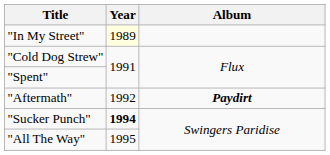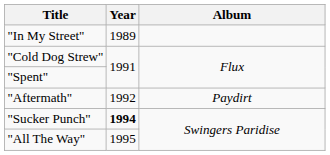 <table class="wikitable" style="text-align:center;">
 <tr>
 <th scope="col">Title</th>
 <th scope="col">Year</th>
 <th scope="col" width="220">Album</th>
 </tr>
 <tr>
 <td align="left">"In My Street"</td>
-<td style="background: lightyellow;">1989</td>
+<td>1989</td>
 <td></td>
 </tr>
 <tr>
 <td align="left">"Cold Dog Strew"</td>
 <td rowspan="2">1991</td>
 <td rowspan="2"><em>Flux</em></td>
 </tr>
 <tr>
 <td align="left">"Spent"</td>
 </tr>
 <tr>
 <td align="left">"Aftermath"</td>
 <td>1992</td>
-<td><strong><em>Paydirt</em></strong></td>
+<td><em>Paydirt</em></td>
 </tr>
 <tr>
 <td align="left">"Sucker Punch"</td>
 <td><strong>1994</strong></td>
 <td rowspan="2"><em>Swingers Paridise</em></td>
 </tr>
 <tr>
 <td align="left">"All The Way"</td>
 <td>1995</td>
 </tr>
 </table>
